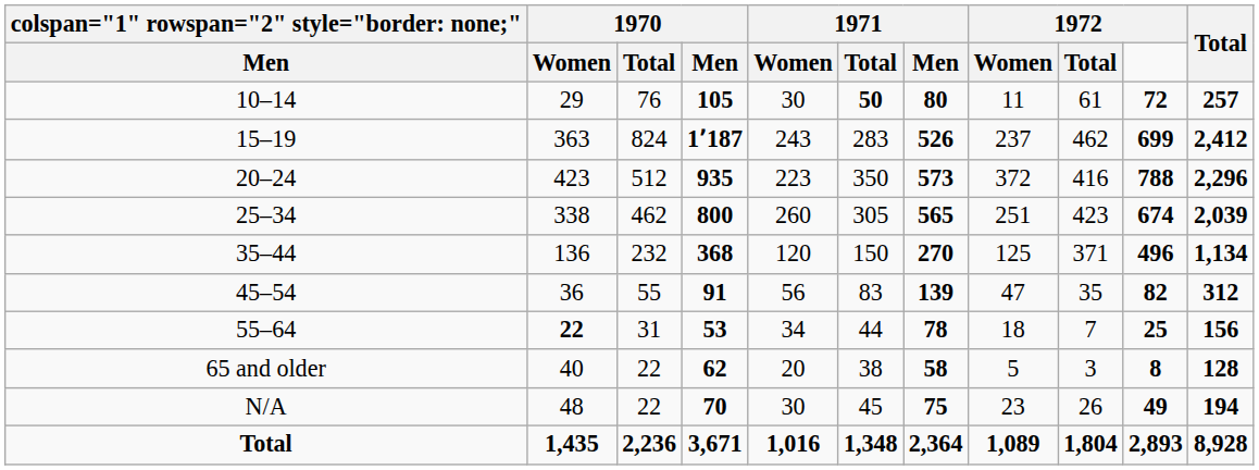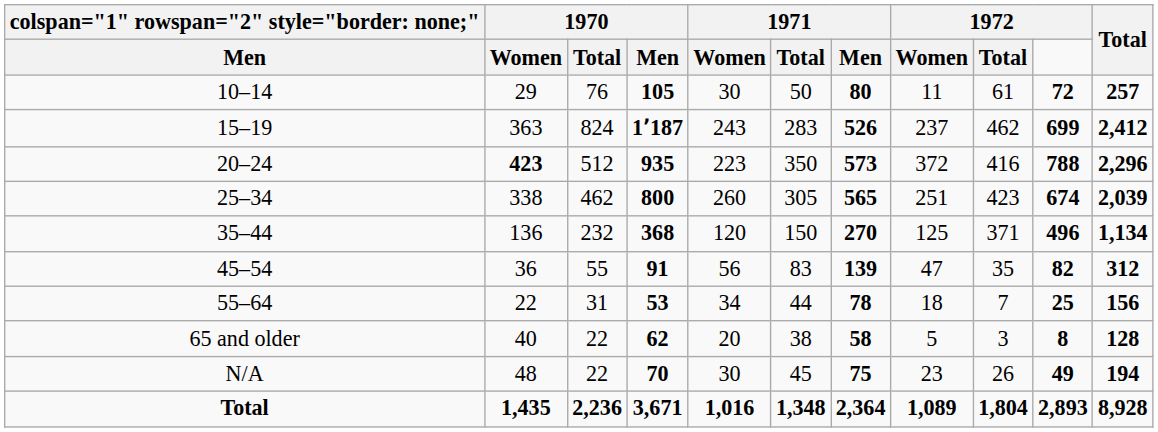 <table class="wikitable sortable" style="text-align: center;">
 <tr>
 <th>colspan="1" rowspan="2" style="border: none;" </th>
 <th colspan="3">1970</th>
 <th colspan="3">1971</th>
 <th colspan="3">1972</th>
 <th rowspan="2"><strong>Total</strong></th>
 </tr>
 <tr>
 <th>Men</th>
 <th>Women</th>
 <th><strong>Total</strong></th>
 <th>Men</th>
 <th>Women</th>
 <th><strong>Total</strong></th>
 <th>Men</th>
 <th>Women</th>
 <th><strong>Total</strong></th>
 </tr>
 <tr>
 <td>10–14</td>
 <td>29</td>
 <td>76</td>
 <td><strong>105</strong></td>
 <td>30</td>
-<td><strong>50</strong></td>
+<td>50</td>
 <td><strong>80</strong></td>
 <td>11</td>
 <td>61</td>
 <td><strong>72</strong></td>
 <td><strong>257</strong></td>
 </tr>
 <tr>
 <td>15–19</td>
 <td>363</td>
 <td>824</td>
 <td><strong>1٬187</strong></td>
 <td>243</td>
 <td>283</td>
 <td><strong>526</strong></td>
 <td>237</td>
 <td>462</td>
 <td><strong>699</strong></td>
 <td><strong>2,412</strong></td>
 </tr>
 <tr>
 <td>20–24</td>
-<td>423</td>
+<td><strong>423</strong></td>
 <td>512</td>
 <td><strong>935</strong></td>
 <td>223</td>
 <td>350</td>
 <td><strong>573</strong></td>
 <td>372</td>
 <td>416</td>
 <td><strong>788</strong></td>
 <td><strong>2,296</strong></td>
 </tr>
 <tr>
 <td>25–34</td>
 <td>338</td>
 <td>462</td>
 <td><strong>800</strong></td>
 <td>260</td>
 <td>305</td>
 <td><strong>565</strong></td>
 <td>251</td>
 <td>423</td>
 <td><strong>674</strong></td>
 <td><strong>2,039</strong></td>
 </tr>
 <tr>
 <td>35–44</td>
 <td>136</td>
 <td>232</td>
 <td><strong>368</strong></td>
 <td>120</td>
 <td>150</td>
 <td><strong>270</strong></td>
 <td>125</td>
 <td>371</td>
 <td><strong>496</strong></td>
 <td><strong>1,134</strong></td>
 </tr>
 <tr>
 <td>45–54</td>
 <td>36</td>
 <td>55</td>
 <td><strong>91</strong></td>
 <td>56</td>
 <td>83</td>
 <td><strong>139</strong></td>
 <td>47</td>
 <td>35</td>
 <td><strong>82</strong></td>
 <td><strong>312</strong></td>
 </tr>
 <tr>
 <td>55–64</td>
-<td><strong>22</strong></td>
+<td>22</td>
 <td>31</td>
 <td><strong>53</strong></td>
 <td>34</td>
 <td>44</td>
 <td><strong>78</strong></td>
 <td>18</td>
 <td>7</td>
 <td><strong>25</strong></td>
 <td><strong>156</strong></td>
 </tr>
 <tr>
 <td>65 and older</td>
 <td>40</td>
 <td>22</td>
 <td><strong>62</strong></td>
 <td>20</td>
 <td>38</td>
 <td><strong>58</strong></td>
 <td>5</td>
 <td>3</td>
 <td><strong>8</strong></td>
 <td><strong>128</strong></td>
 </tr>
 <tr>
 <td>N/A</td>
 <td>48</td>
 <td>22</td>
 <td><strong>70</strong></td>
 <td>30</td>
 <td>45</td>
 <td><strong>75</strong></td>
 <td>23</td>
 <td>26</td>
 <td><strong>49</strong></td>
 <td><strong>194</strong></td>
 </tr>
 <tr>
 <td><strong>Total</strong></td>
 <td><strong>1,435</strong></td>
 <td><strong>2,236</strong></td>
 <td><strong>3,671</strong></td>
 <td><strong>1,016</strong></td>
 <td><strong>1,348</strong></td>
 <td><strong>2,364</strong></td>
 <td><strong>1,089</strong></td>
 <td><strong>1,804</strong></td>
 <td><strong>2,893</strong></td>
 <td><strong>8,928</strong></td>
 </tr>
 </table>
